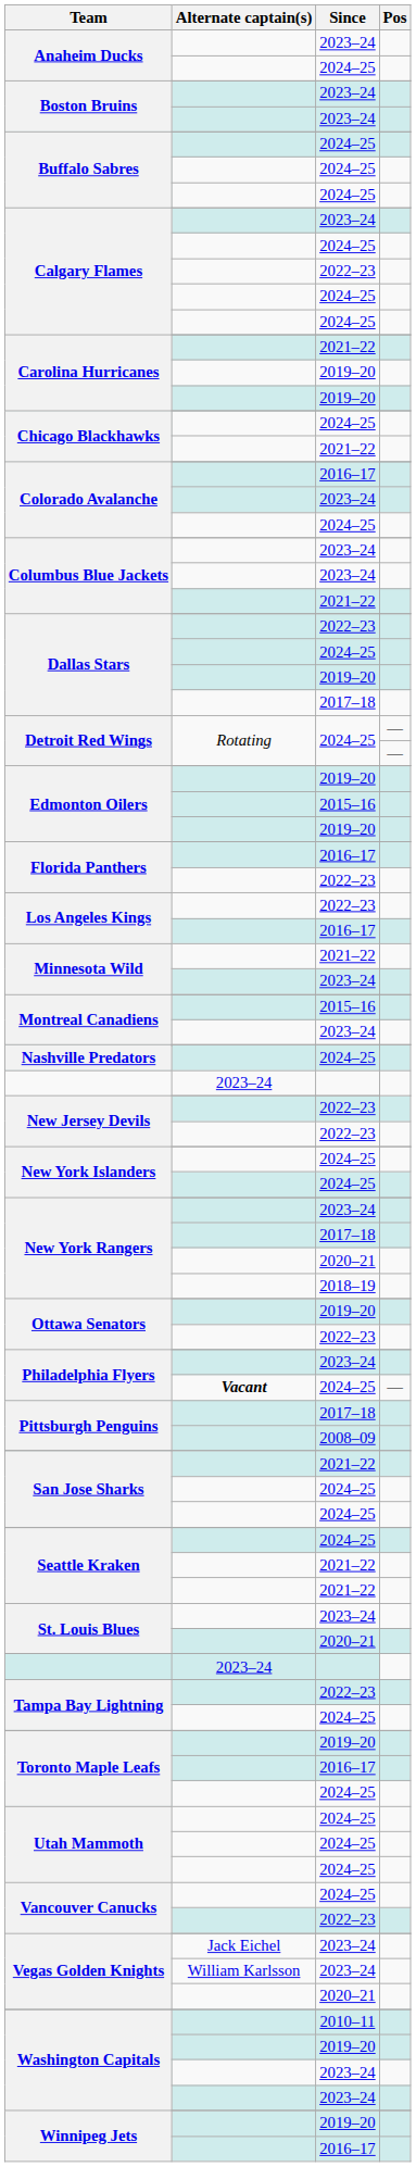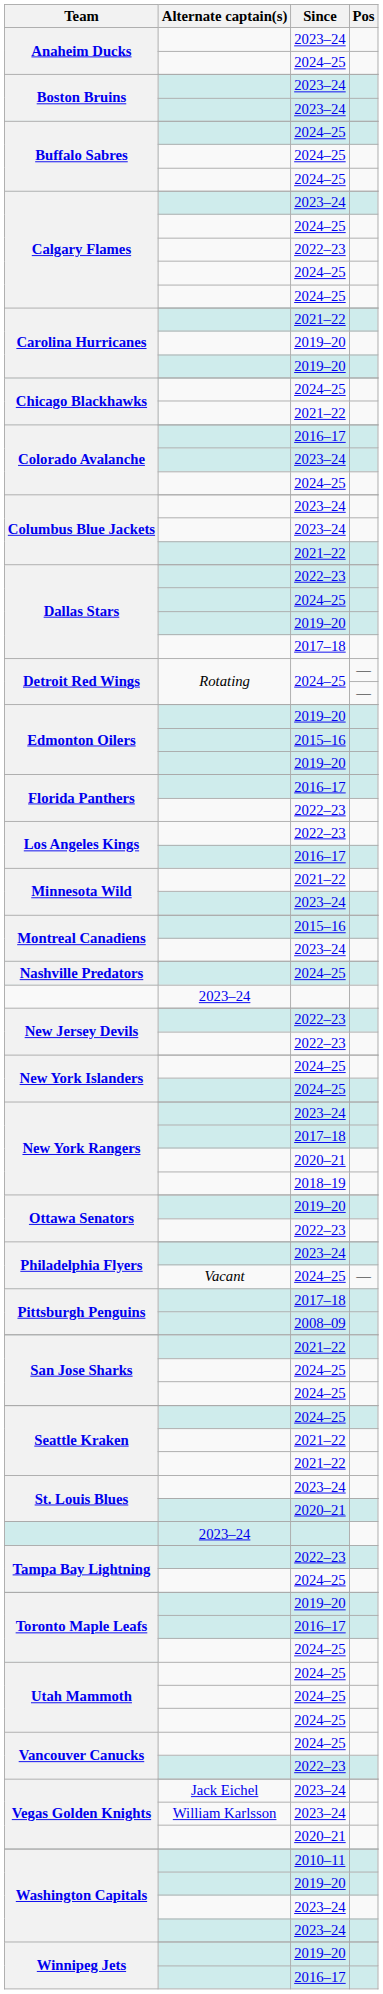 <table class="wikitable sortable" style="text-align: center">
 <tr>
 <th scope="col">Team</th>
 <th scope="col">Alternate captain(s)</th>
 <th scope="col">Since</th>
 <th scope="col">Pos</th>
 </tr>
 <tr>
 <th rowspan="2"><a href='#'>Anaheim Ducks</a></th>
 <td></td>
 <td><a href='#'>2023–24</a></td>
 <td></td>
 </tr>
 <tr>
 <td></td>
 <td><a href='#'>2024–25</a></td>
 <td></td>
 </tr>
 <tr>
 <th rowspan="3"><a href='#'>Boston Bruins</a></th>
 </tr>
 <tr bgcolor="#cfecec">
 <td></td>
 <td><a href='#'>2023–24</a></td>
 <td></td>
 </tr>
 <tr bgcolor="#cfecec">
 <td></td>
 <td><a href='#'>2023–24</a></td>
 <td></td>
 </tr>
 <tr bgcolor="#cfecec">
 <th rowspan="4"><a href='#'>Buffalo Sabres</a></th>
 </tr>
 <tr bgcolor="#cfecec">
 <td></td>
 <td><a href='#'>2024–25</a></td>
 <td></td>
 </tr>
 <tr>
 <td></td>
 <td><a href='#'>2024–25</a></td>
 <td></td>
 </tr>
 <tr>
 <td></td>
 <td><a href='#'>2024–25</a></td>
 <td></td>
 </tr>
 <tr>
 <th rowspan="6"><a href='#'>Calgary Flames</a></th>
 </tr>
 <tr bgcolor="#cfecec">
 <td></td>
 <td><a href='#'>2023–24</a></td>
 <td></td>
 </tr>
 <tr>
 <td></td>
 <td><a href='#'>2024–25</a></td>
 <td></td>
 </tr>
 <tr>
 <td></td>
 <td><a href='#'>2022–23</a></td>
 <td></td>
 </tr>
 <tr>
 <td></td>
 <td><a href='#'>2024–25</a></td>
 <td></td>
 </tr>
 <tr>
 <td></td>
 <td><a href='#'>2024–25</a></td>
 <td></td>
 </tr>
 <tr>
 <th rowspan="4"><a href='#'>Carolina Hurricanes</a></th>
 </tr>
 <tr bgcolor="#cfecec">
 <td></td>
 <td><a href='#'>2021–22</a></td>
 <td></td>
 </tr>
 <tr>
 <td></td>
 <td><a href='#'>2019–20</a></td>
 <td></td>
 </tr>
 <tr bgcolor="#cfecec">
 <td></td>
 <td><a href='#'>2019–20</a></td>
 <td></td>
 </tr>
 <tr bgcolor="#cfecec">
 <th rowspan="3"><a href='#'>Chicago Blackhawks</a></th>
 </tr>
 <tr>
 <td></td>
 <td><a href='#'>2024–25</a></td>
 <td></td>
 </tr>
 <tr>
 <td></td>
 <td><a href='#'>2021–22</a></td>
 <td></td>
 </tr>
 <tr>
 <th rowspan="4"><a href='#'>Colorado Avalanche</a></th>
 </tr>
 <tr bgcolor="#cfecec">
 <td></td>
 <td><a href='#'>2016–17</a></td>
 <td></td>
 </tr>
 <tr bgcolor="#cfecec">
 <td></td>
 <td><a href='#'>2023–24</a></td>
 <td></td>
 </tr>
 <tr>
 <td></td>
 <td><a href='#'>2024–25</a></td>
 <td></td>
 </tr>
 <tr>
 <th rowspan="4"><a href='#'>Columbus Blue Jackets</a></th>
 </tr>
 <tr>
 <td></td>
 <td><a href='#'>2023–24</a></td>
 <td></td>
 </tr>
 <tr>
 <td></td>
 <td><a href='#'>2023–24</a></td>
 <td></td>
 </tr>
 <tr bgcolor="#cfecec">
 <td></td>
 <td><a href='#'>2021–22</a></td>
 <td></td>
 </tr>
 <tr>
 <th rowspan="5"><a href='#'>Dallas Stars</a></th>
 </tr>
 <tr bgcolor="#cfecec">
 <td></td>
 <td><a href='#'>2022–23</a></td>
 <td></td>
 </tr>
 <tr bgcolor="#cfecec">
 <td></td>
 <td><a href='#'>2024–25</a></td>
 <td></td>
 </tr>
 <tr bgcolor="#cfecec">
 <td></td>
 <td><a href='#'>2019–20</a></td>
 <td></td>
 </tr>
 <tr>
 <td></td>
 <td><a href='#'>2017–18</a></td>
 <td></td>
 </tr>
 <tr>
 <th rowspan="2"><a href='#'>Detroit Red Wings</a></th>
 <td rowspan="2"><em>Rotating</em></td>
 <td rowspan="2"><a href='#'>2024–25</a></td>
 <td>—</td>
 </tr>
 <tr>
 <td>—</td>
 </tr>
 <tr>
 <th rowspan="4"><a href='#'>Edmonton Oilers</a></th>
 </tr>
 <tr bgcolor="#cfecec">
 <td></td>
 <td><a href='#'>2019–20</a></td>
 <td></td>
 </tr>
 <tr bgcolor="#cfecec">
 <td></td>
 <td><a href='#'>2015–16</a></td>
 <td></td>
 </tr>
 <tr bgcolor="#cfecec">
 <td></td>
 <td><a href='#'>2019–20</a></td>
 <td></td>
 </tr>
 <tr>
 <th rowspan="3"><a href='#'>Florida Panthers</a></th>
 </tr>
 <tr bgcolor="#cfecec">
 <td></td>
 <td><a href='#'>2016–17</a></td>
 <td></td>
 </tr>
 <tr>
 <td></td>
 <td><a href='#'>2022–23</a></td>
 <td></td>
 </tr>
 <tr>
 <th rowspan="2"><a href='#'>Los Angeles Kings</a></th>
 <td></td>
 <td><a href='#'>2022–23</a></td>
 <td></td>
 </tr>
 <tr bgcolor="#cfecec">
 <td></td>
 <td><a href='#'>2016–17</a></td>
 <td></td>
 </tr>
 <tr>
 <th rowspan="2"><a href='#'>Minnesota Wild</a></th>
 <td></td>
 <td><a href='#'>2021–22</a></td>
 <td></td>
 </tr>
 <tr bgcolor="#cfecec">
 <td></td>
 <td><a href='#'>2023–24</a></td>
 <td></td>
 </tr>
 <tr>
 <th rowspan="3"><a href='#'>Montreal Canadiens</a></th>
 </tr>
 <tr bgcolor="#cfecec">
 <td></td>
 <td><a href='#'>2015–16</a></td>
 <td></td>
 </tr>
 <tr>
 <td></td>
 <td><a href='#'>2023–24</a></td>
 <td></td>
 </tr>
 <tr bgcolor="#cfecec">
 <th rowspan="3"><a href='#'>Nashville Predators</a></th>
 </tr>
 <tr>
 </tr>
 <tr bgcolor="#cfecec">
 <td></td>
 <td><a href='#'>2024–25</a></td>
 <td></td>
 </tr>
 <tr>
 <td></td>
 <td><a href='#'>2023–24</a></td>
 <td></td>
 </tr>
 <tr>
 <th rowspan="3"><a href='#'>New Jersey Devils</a></th>
 </tr>
 <tr bgcolor="#cfecec">
 <td></td>
 <td><a href='#'>2022–23</a></td>
 <td></td>
 </tr>
 <tr>
 <td></td>
 <td><a href='#'>2022–23</a></td>
 <td></td>
 </tr>
 <tr>
 <th rowspan="3"><a href='#'>New York Islanders</a></th>
 </tr>
 <tr>
 <td></td>
 <td><a href='#'>2024–25</a></td>
 <td></td>
 </tr>
 <tr bgcolor="#cfecec">
 <td></td>
 <td><a href='#'>2024–25</a></td>
 <td></td>
 </tr>
 <tr>
 <th rowspan="5"><a href='#'>New York Rangers</a></th>
 </tr>
 <tr bgcolor="#cfecec">
 <td></td>
 <td><a href='#'>2023–24</a></td>
 <td></td>
 </tr>
 <tr bgcolor="#cfecec">
 <td></td>
 <td><a href='#'>2017–18</a></td>
 <td></td>
 </tr>
 <tr>
 <td></td>
 <td><a href='#'>2020–21</a></td>
 <td></td>
 </tr>
 <tr>
 <td></td>
 <td><a href='#'>2018–19</a></td>
 <td></td>
 </tr>
 <tr>
 <th rowspan="3"><a href='#'>Ottawa Senators</a></th>
 </tr>
 <tr bgcolor="#cfecec">
 <td></td>
 <td><a href='#'>2019–20</a></td>
 <td></td>
 </tr>
 <tr>
 <td></td>
 <td><a href='#'>2022–23</a></td>
 <td></td>
 </tr>
 <tr>
 <th rowspan="3"><a href='#'>Philadelphia Flyers</a></th>
 </tr>
 <tr bgcolor="#cfecec">
 <td></td>
 <td><a href='#'>2023–24</a></td>
 <td></td>
 </tr>
 <tr>
-<td><strong><em>Vacant</em></strong></td>
+<td><em>Vacant</em></td>
 <td><a href='#'>2024–25</a></td>
 <td>—</td>
 </tr>
 <tr bgcolor="#cfecec">
 <th rowspan="2"><a href='#'>Pittsburgh Penguins</a></th>
 <td></td>
 <td><a href='#'>2017–18</a></td>
 <td></td>
 </tr>
 <tr bgcolor="#cfecec">
 <td></td>
 <td><a href='#'>2008–09</a></td>
 <td></td>
 </tr>
 <tr>
 </tr>
 <tr bgcolor="#cfecec">
 <th rowspan="3"><a href='#'>San Jose Sharks</a></th>
 <td></td>
 <td><a href='#'>2021–22</a></td>
 <td></td>
 </tr>
 <tr>
 <td></td>
 <td><a href='#'>2024–25</a></td>
 <td></td>
 </tr>
 <tr>
 <td></td>
 <td><a href='#'>2024–25</a></td>
 <td></td>
 </tr>
 <tr>
 </tr>
 <tr bgcolor="#cfecec">
 <th rowspan="3"><a href='#'>Seattle Kraken</a></th>
 <td></td>
 <td><a href='#'>2024–25</a></td>
 <td></td>
 </tr>
 <tr>
 <td></td>
 <td><a href='#'>2021–22</a></td>
 <td></td>
 </tr>
 <tr>
 <td></td>
 <td><a href='#'>2021–22</a></td>
 <td></td>
 </tr>
 <tr>
 <th rowspan="3"><a href='#'>St. Louis Blues</a></th>
 <td></td>
 <td><a href='#'>2023–24</a></td>
 <td></td>
 </tr>
 <tr>
 </tr>
 <tr bgcolor="#cfecec">
 <td></td>
 <td><a href='#'>2020–21</a></td>
 <td></td>
 </tr>
 <tr>
 </tr>
 <tr bgcolor="#cfecec">
 <td></td>
 <td><a href='#'>2023–24</a></td>
 <td></td>
 </tr>
 <tr>
 <th rowspan="3"><a href='#'>Tampa Bay Lightning</a></th>
 </tr>
 <tr bgcolor="#cfecec">
 <td></td>
 <td><a href='#'>2022–23</a></td>
 <td></td>
 </tr>
 <tr>
 <td></td>
 <td><a href='#'>2024–25</a></td>
 <td></td>
 </tr>
 <tr>
 </tr>
 <tr bgcolor="#cfecec">
 <th rowspan="3"><a href='#'>Toronto Maple Leafs</a></th>
 <td></td>
 <td><a href='#'>2019–20</a></td>
 <td></td>
 </tr>
 <tr bgcolor="#cfecec">
 <td></td>
 <td><a href='#'>2016–17</a></td>
 <td></td>
 </tr>
 <tr>
 <td></td>
 <td><a href='#'>2024–25</a></td>
 <td></td>
 </tr>
 <tr>
 <th rowspan="3"><a href='#'>Utah Mammoth</a></th>
 <td></td>
 <td><a href='#'>2024–25</a></td>
 <td></td>
 </tr>
 <tr>
 <td></td>
 <td><a href='#'>2024–25</a></td>
 <td></td>
 </tr>
 <tr>
 <td></td>
 <td><a href='#'>2024–25</a></td>
 <td></td>
 </tr>
 <tr>
 <th rowspan="2"><a href='#'>Vancouver Canucks</a></th>
 <td></td>
 <td><a href='#'>2024–25</a></td>
 <td></td>
 </tr>
 <tr bgcolor="#cfecec">
 <td></td>
 <td><a href='#'>2022–23</a></td>
 <td></td>
 </tr>
 <tr>
 <th rowspan="4"><a href='#'>Vegas Golden Knights</a></th>
 </tr>
 <tr>
 <td><a href='#'>Jack Eichel</a></td>
 <td><a href='#'>2023–24</a></td>
 <td></td>
 </tr>
 <tr>
 <td><a href='#'>William Karlsson</a></td>
 <td><a href='#'>2023–24</a></td>
 <td></td>
 </tr>
 <tr>
 <td></td>
 <td><a href='#'>2020–21</a></td>
 <td></td>
 </tr>
 <tr>
 </tr>
 <tr bgcolor="#cfecec">
 <th rowspan="4"><a href='#'>Washington Capitals</a></th>
 <td></td>
 <td><a href='#'>2010–11</a></td>
 <td></td>
 </tr>
 <tr bgcolor="#cfecec">
 <td></td>
 <td><a href='#'>2019–20</a></td>
 <td></td>
 </tr>
 <tr>
 <td></td>
 <td><a href='#'>2023–24</a></td>
 <td></td>
 </tr>
 <tr bgcolor="#cfecec">
 <td></td>
 <td><a href='#'>2023–24</a></td>
 <td></td>
 </tr>
 <tr>
 <th rowspan="4"><a href='#'>Winnipeg Jets</a></th>
 </tr>
 <tr bgcolor="#cfecec">
 <td></td>
 <td><a href='#'>2019–20</a></td>
 <td></td>
 </tr>
 <tr bgcolor="#cfecec">
 <td></td>
 <td><a href='#'>2016–17</a></td>
 <td></td>
 </tr>
 </table>
